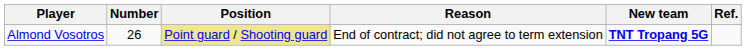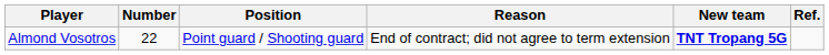 <table class="wikitable sortable sortable">
 <tr>
 <th>Player</th>
 <th>Number</th>
 <th>Position</th>
 <th>Reason</th>
 <th>New team</th>
 <th>Ref.</th>
 </tr>
 <tr style="text-align: center">
 <td><a href='#'>Almond Vosotros</a></td>
-<td>26</td>
-<td style="background: khaki;"><a href='#'>Point guard</a> / <a href='#'>Shooting guard</a></td>
+<td>22</td>
+<td><a href='#'>Point guard</a> / <a href='#'>Shooting guard</a></td>
 <td>End of contract; did not agree to term extension</td>
 <td><strong><a href='#'>TNT Tropang 5G</a></strong></td>
 <td></td>
 </tr>
 </table>
